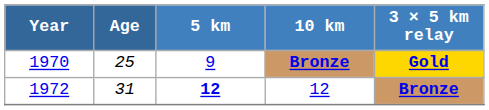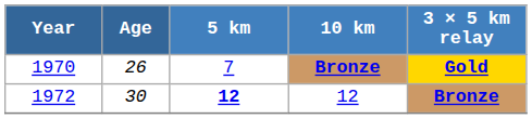 <table class="wikitable" style="font-size:95%; text-align:center; border:grey solid 1px; border-collapse:collapse; background:#ffffff;">
 <tr>
 <th style="background-color:#369; color:white; width:60px;"> Year </th>
 <th style="background-color:#369; color:white; width:40px;"> Age </th>
 <th style="background-color:#4180be; color:white; width:75px;"> 5 km </th>
 <th style="background-color:#4180be; color:white; width:75px;"> 10 km </th>
 <th style="background-color:#4180be; color:white; width:75px;"> 3 × 5 km <br> relay </th>
 </tr>
 <tr>
 <td><a href='#'>1970</a></td>
-<td><em>25</em></td>
-<td><a href='#'>9</a></td>
+<td><em>26</em></td>
+<td><a href='#'>7</a></td>
 <td bgcolor="cc9966"><a href='#'><strong>Bronze</strong></a></td>
 <td style="background:gold;"><a href='#'><strong>Gold</strong></a></td>
 </tr>
 <tr>
 <td><a href='#'>1972</a></td>
-<td><em>31</em></td>
+<td><em>30</em></td>
 <td><strong><a href='#'>12</a></strong></td>
 <td><a href='#'>12</a></td>
 <td bgcolor="cc9966"><a href='#'><strong>Bronze</strong></a></td>
 </tr>
 <tr>
 </tr>
 </table>
